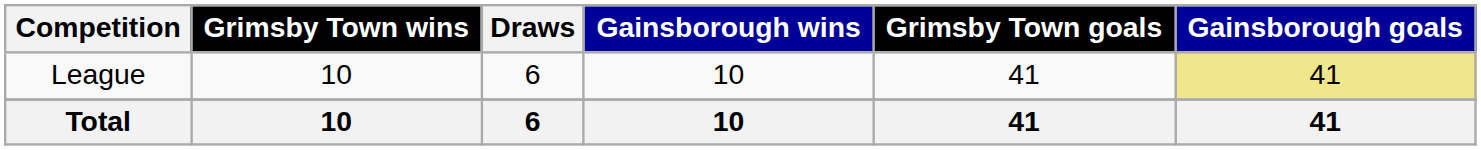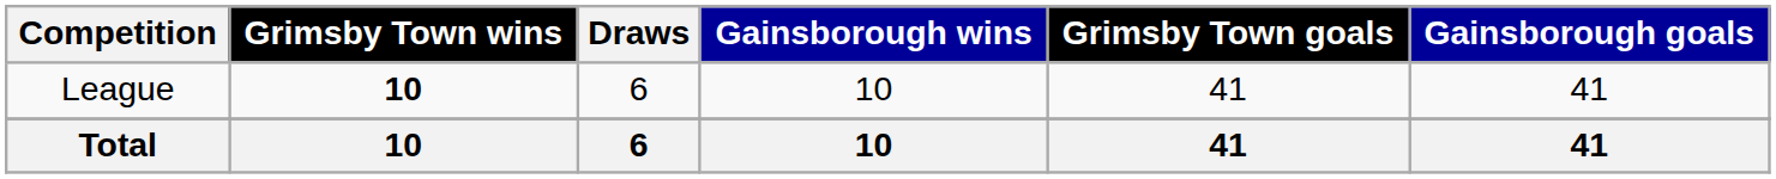 <table class="wikitable" style="text-align: center; width: 100%; font-size: 12px">
 <tr>
 <th>Competition</th>
 <th style="background:#000000; color:white">Grimsby Town wins</th>
 <th>Draws</th>
 <th style="background:#000099; color:white">Gainsborough wins</th>
 <th style="background:#000000; color:white">Grimsby Town goals</th>
 <th style="background:#000099; color:white">Gainsborough goals</th>
 </tr>
 <tr>
 <td>League</td>
-<td>10</td>
+<td><strong>10</strong></td>
 <td>6</td>
 <td>10</td>
 <td>41</td>
-<td style="background: khaki;">41</td>
+<td>41</td>
 </tr>
 <tr>
 </tr>
 <tr class="sortbottom">
 <th>Total</th>
 <th>10</th>
 <th>6</th>
 <th>10</th>
 <th>41</th>
 <th>41</th>
 </tr>
 </table>
